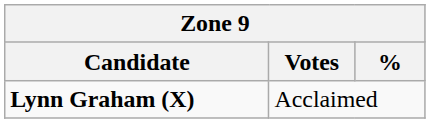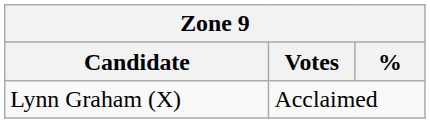 <table class="wikitable">
 <tr>
 <th colspan="3">Zone 9</th>
 </tr>
 <tr>
 <th style="width: 170px">Candidate</th>
 <th style="width: 50px">Votes</th>
 <th style="width: 40px">%</th>
 </tr>
 <tr>
-<td><strong>Lynn Graham (X)</strong></td>
+<td>Lynn Graham (X)</td>
 <td colspan="2">Acclaimed</td>
 </tr>
 </table>
